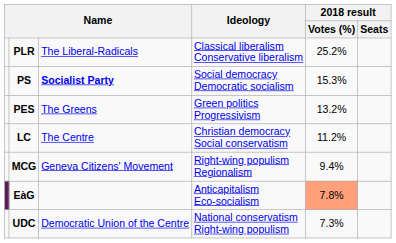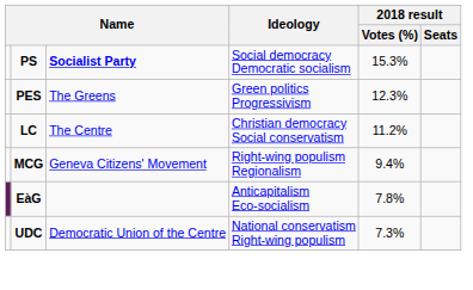 <table class="wikitable">
 <tr>
 <th colspan="3" rowspan="2">Name</th>
 <th rowspan="2">Ideology</th>
 <th colspan="2">2018 result</th>
 </tr>
 <tr>
 <th>Votes (%)</th>
 <th>Seats</th>
-</tr>
-<tr>
-<td style="background:"></td>
-<td style="text-align:center;"><strong>PLR</strong></td>
-<td><a href='#'>The Liberal-Radicals</a><br></td>
-<td><a href='#'>Classical liberalism</a><br><a href='#'>Conservative liberalism</a></td>
-<td style="text-align:center;">25.2%</td>
-<td></td>
 </tr>
 <tr>
 <td style="background:"></td>
 <td style="text-align:center;"><strong>PS</strong></td>
 <td><strong><a href='#'>Socialist Party</a><br></strong></td>
 <td><a href='#'>Social democracy</a><br><a href='#'>Democratic socialism</a></td>
 <td style="text-align:center;">15.3%</td>
 <td></td>
 </tr>
 <tr>
 <td style="background:"></td>
 <td style="text-align:center;"><strong>PES</strong></td>
 <td><a href='#'>The Greens</a><br></td>
 <td><a href='#'>Green politics</a><br><a href='#'>Progressivism</a></td>
-<td style="text-align:center;">13.2%</td>
+<td style="text-align:center;">12.3%</td>
 <td></td>
 </tr>
 <tr>
 <td style="background:"></td>
 <td style="text-align:center;"><strong>LC</strong></td>
 <td><a href='#'>The Centre</a><br></td>
 <td><a href='#'>Christian democracy</a><br><a href='#'>Social conservatism</a></td>
 <td style="text-align:center;">11.2%</td>
 <td></td>
 </tr>
 <tr>
 <td style="background:"></td>
 <td style="text-align:center;"><strong>MCG</strong></td>
 <td><a href='#'>Geneva Citizens' Movement</a><br></td>
 <td><a href='#'>Right-wing populism</a><br><a href='#'>Regionalism</a></td>
 <td style="text-align:center;">9.4%</td>
 <td></td>
 </tr>
 <tr>
 <td style="background:#5A1D56;"></td>
 <td style="text-align:center;"><strong>EàG</strong></td>
 <td><br></td>
 <td><a href='#'>Anticapitalism</a><br><a href='#'>Eco-socialism</a></td>
-<td style="background: lightsalmon; text-align:center;">7.8%</td>
+<td style="text-align:center;">7.8%</td>
 <td></td>
 </tr>
 <tr>
 <td style="background:"></td>
 <td style="text-align:center;"><strong>UDC</strong></td>
 <td><a href='#'>Democratic Union of the Centre</a><br></td>
 <td><a href='#'>National conservatism</a><br><a href='#'>Right-wing populism</a></td>
 <td style="text-align:center;">7.3%</td>
 <td></td>
 </tr>
 </table>
